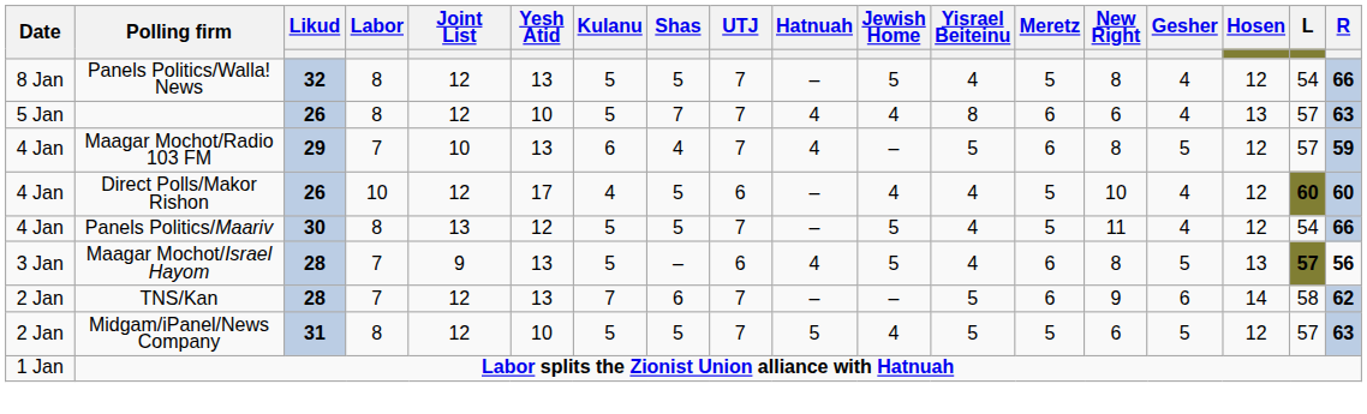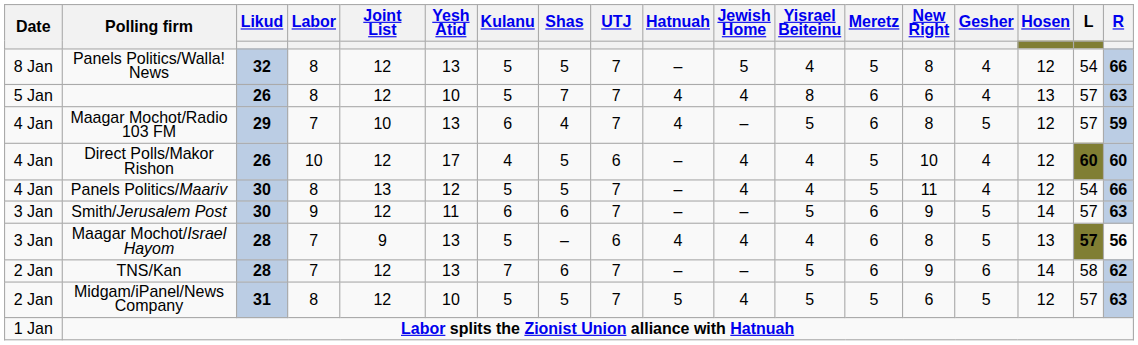 <table class="wikitable sortable" style="text-align:center;font-size:90%;line-height:13px">
 <tr>
 <th style="width:45px;" rowspan="2">Date</th>
 <th style="width:150px;" rowspan="2">Polling firm</th>
 <th class="unsortable" style="width:40px;"><a href='#'>Likud</a></th>
 <th class="unsortable" style="width:40px;"><a href='#'>Labor</a></th>
 <th class="unsortable" style="width:70px;"><a href='#'>Joint<br>List</a></th>
 <th class="unsortable" style="width:40px;"><a href='#'>Yesh<br>Atid</a></th>
 <th class="unsortable" style="width:40px;"><a href='#'>Kulanu</a></th>
 <th class="unsortable" style="width:40px;"><a href='#'>Shas</a></th>
 <th class="unsortable" style="width:40px;"><a href='#'>UTJ</a></th>
 <th class="unsortable" style="width:40px;"><a href='#'>Hatnuah</a></th>
 <th class="unsortable" style="width:40px;"><a href='#'>Jewish<br>Home</a></th>
 <th class="unsortable" style="width:40px;"><a href='#'>Yisrael<br>Beiteinu</a></th>
 <th class="unsortable" style="width:40px;"><a href='#'>Meretz</a></th>
 <th class="unsortable" style="width:40px;"><a href='#'>New<br>Right</a></th>
 <th class="unsortable" style="width:40px;"><a href='#'>Gesher</a></th>
 <th class="unsortable" style="width:40px;"><a href='#'>Hosen</a></th>
 <th class="unsortable" style="width:20px;">L</th>
 <th class="unsortable" style="width:20px;"><a href='#'>R</a></th>
 </tr>
 <tr>
 <th style="color:inherit;background:"></th>
 <th style="color:inherit;background:"></th>
 <th style="color:inherit;background:"></th>
 <th style="color:inherit;background:"></th>
 <th style="color:inherit;background:"></th>
 <th style="color:inherit;background:"></th>
 <th style="color:inherit;background:"></th>
 <th style="color:inherit;background:"></th>
 <th style="color:inherit;background:"></th>
 <th style="color:inherit;background:"></th>
 <th style="color:inherit;background:"></th>
 <th style="color:inherit;background:"></th>
 <th style="color:inherit;background:"></th>
 <th style="color:inherit;background:#807e33;"></th>
 <th style="color:inherit;background:#807e33;"></th>
 <th style="color:inherit;background:"></th>
 </tr>
 <tr>
 <td data-sort-value="2019-01-08">8 Jan</td>
 <td>Panels Politics/Walla! News</td>
 <td style="background:#BBCDE4"><strong>32</strong>	</td>
 <td>8					</td>
 <td>12					</td>
 <td>13					</td>
 <td>5					</td>
 <td>5					</td>
 <td>7					</td>
 <td>–					</td>
 <td>5					</td>
 <td>4					</td>
 <td>5					</td>
 <td>8					</td>
 <td>4					</td>
 <td>12					</td>
 <td>54					</td>
 <td style="background:#BBCDE4"><strong>66</strong>	</td>
 </tr>
 <tr>
 <td data-sort-value="2019-01-05">5 Jan</td>
 <td></td>
 <td style="background:#BBCDE4"><strong>26</strong>	</td>
 <td>8					</td>
 <td>12					</td>
 <td>10					</td>
 <td>5					</td>
 <td>7					</td>
 <td>7					</td>
 <td>4					</td>
 <td>4					</td>
 <td>8					</td>
 <td>6					</td>
 <td>6					</td>
 <td>4					</td>
 <td>13					</td>
 <td>57					</td>
 <td style="background:#BBCDE4"><strong>63</strong>	</td>
 </tr>
 <tr>
 <td data-sort-value="2019-01-04">4 Jan</td>
 <td>Maagar Mochot/Radio 103 FM</td>
 <td style="background:#BBCDE4"><strong>29</strong>	</td>
 <td>7					</td>
 <td>10					</td>
 <td>13					</td>
 <td>6					</td>
 <td>4					</td>
 <td>7					</td>
 <td>4					</td>
 <td>–					</td>
 <td>5					</td>
 <td>6					</td>
 <td>8					</td>
 <td>5					</td>
 <td>12					</td>
 <td>57					</td>
 <td style="background:#BBCDE4"><strong>59</strong>	</td>
 </tr>
 <tr>
 <td data-sort-value="2019-01-04">4 Jan</td>
 <td>Direct Polls/Makor Rishon</td>
 <td style="background:#BBCDE4"><strong>26</strong>	</td>
 <td>10					</td>
 <td>12					</td>
 <td>17					</td>
 <td>4					</td>
 <td>5					</td>
 <td>6					</td>
 <td>–					</td>
 <td>4					</td>
 <td>4					</td>
 <td>5					</td>
 <td>10					</td>
 <td>4					</td>
 <td>12					</td>
 <td style="background:#807e33"><strong>60</strong>	</td>
 <td style="background:#BBCDE4"><strong>60</strong>	</td>
 </tr>
 <tr>
 <td data-sort-value="2019-01-04">4 Jan</td>
 <td>Panels Politics/<em>Maariv</em></td>
 <td style="background:#BBCDE4"><strong>30</strong>	</td>
 <td>8					</td>
 <td>13					</td>
 <td>12					</td>
 <td>5					</td>
 <td>5					</td>
 <td>7					</td>
 <td>–					</td>
-<td>5					</td>
+<td>4					</td>
 <td>4					</td>
 <td>5					</td>
 <td>11					</td>
 <td>4					</td>
 <td>12					</td>
 <td>54					</td>
 <td style="background:#BBCDE4"><strong>66</strong>	</td>
+</tr>
+<tr>
+<td data-sort-value="2019-01-03">3 Jan</td>
+<td>Smith/<em>Jerusalem Post</em></td>
+<td style="background:#BBCDE4"><strong>30</strong>	</td>
+<td>9					</td>
+<td>12					</td>
+<td>11					</td>
+<td>6					</td>
+<td>6					</td>
+<td>7					</td>
+<td>–					</td>
+<td>–					</td>
+<td>5					</td>
+<td>6					</td>
+<td>9					</td>
+<td>5					</td>
+<td>14					</td>
+<td>57					</td>
+<td style="background:#BBCDE4"><strong>63</strong>	</td>
 </tr>
 <tr>
 <td data-sort-value="2019-01-03">3 Jan</td>
 <td>Maagar Mochot/<em>Israel Hayom</em></td>
 <td style="background:#BBCDE4"><strong>28</strong>	</td>
 <td>7					</td>
 <td>9					</td>
 <td>13					</td>
 <td>5					</td>
 <td>–					</td>
 <td>6					</td>
 <td>4					</td>
-<td>5					</td>
+<td>4					</td>
 <td>4					</td>
 <td>6					</td>
 <td>8					</td>
 <td>5					</td>
 <td>13					</td>
 <td style="background:#807e33"><strong>57</strong>	</td>
 <td><strong>56					</strong></td>
 </tr>
 <tr>
 <td data-sort-value="2019-01-02">2 Jan</td>
 <td>TNS/Kan</td>
 <td style="background:#BBCDE4"><strong>28</strong>	</td>
 <td>7					</td>
 <td>12					</td>
 <td>13					</td>
 <td>7					</td>
 <td>6					</td>
 <td>7					</td>
 <td>–					</td>
 <td>–					</td>
 <td>5					</td>
 <td>6					</td>
 <td>9					</td>
 <td>6					</td>
 <td>14					</td>
 <td>58					</td>
 <td style="background:#BBCDE4"><strong>62</strong>	</td>
 </tr>
 <tr>
 <td data-sort-value="2019-01-02">2 Jan</td>
 <td>Midgam/iPanel/News Company</td>
 <td style="background:#BBCDE4"><strong>31</strong>	</td>
 <td>8					</td>
 <td>12					</td>
 <td>10					</td>
 <td>5					</td>
 <td>5					</td>
 <td>7					</td>
 <td>5					</td>
 <td>4					</td>
 <td>5					</td>
 <td>5					</td>
 <td>6					</td>
 <td>5					</td>
 <td>12					</td>
 <td>57					</td>
 <td style="background:#BBCDE4"><strong>63</strong>	</td>
 </tr>
 <tr>
 <td data-sort-value="2019-01-01">1 Jan</td>
 <td colspan="17"><strong><a href='#'>Labor</a> splits the <a href='#'>Zionist Union</a> alliance with <a href='#'>Hatnuah</a></strong></td>
 </tr>
 </table>
